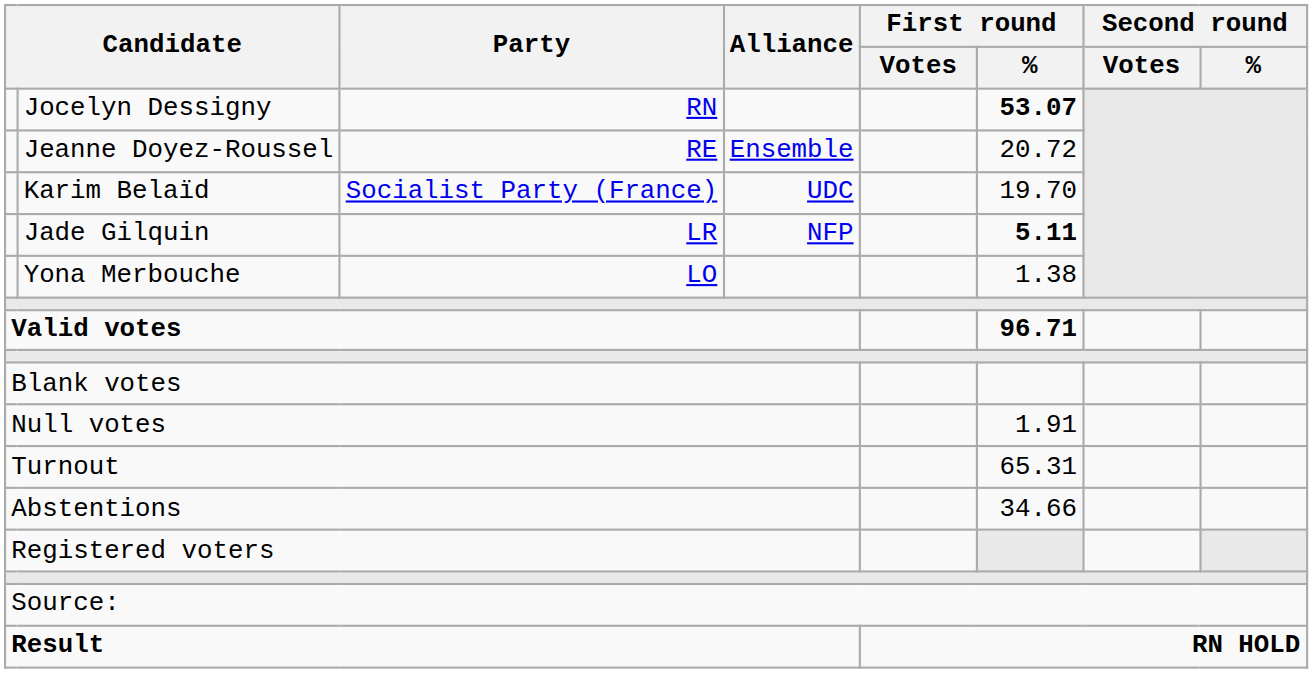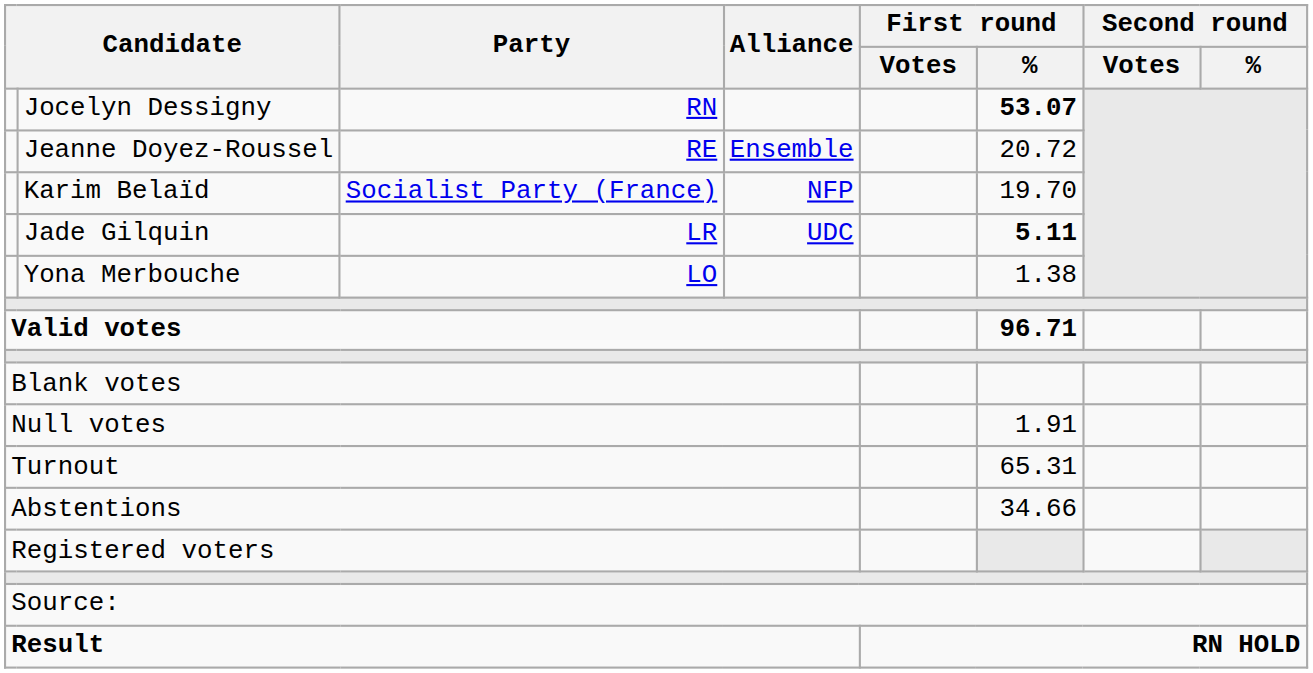 <table class="wikitable" style="text-align:right;font-size:95%;">
 <tr>
 <th colspan="2" rowspan="2">Candidate</th>
 <th colspan="1" rowspan="2">Party</th>
 <th colspan="1" rowspan="2">Alliance</th>
 <th colspan="2">First round</th>
 <th colspan="2">Second round</th>
 </tr>
 <tr>
 <th style="width:50px;">Votes</th>
 <th style="width:45px;">%</th>
 <th style="width:50px;">Votes</th>
 <th style="width:45px;">%</th>
 </tr>
 <tr>
 <td style="color:inherit;background:"></td>
 <td style="text-align:left;">Jocelyn Dessigny</td>
 <td><a href='#'>RN</a></td>
 <td></td>
 <td><strong></strong></td>
 <td><strong>53.07</strong></td>
 <td colspan="2" rowspan="5" style="background:#E9E9E9;"></td>
 </tr>
 <tr>
 <td style="color:inherit;background:"></td>
 <td style="text-align:left;">Jeanne Doyez-Roussel</td>
 <td><a href='#'>RE</a></td>
 <td><a href='#'>Ensemble</a></td>
 <td></td>
 <td>20.72</td>
 </tr>
 <tr>
 <td style="color:inherit;background:"></td>
 <td style="text-align:left;">Karim Belaïd</td>
 <td><a href='#'>Socialist Party (France)</a></td>
-<td><a href='#'>UDC</a></td>
+<td><a href='#'>NFP</a></td>
 <td></td>
 <td>19.70</td>
 </tr>
 <tr>
 <td style="color:inherit;background:"></td>
 <td style="text-align:left;">Jade Gilquin</td>
 <td><a href='#'>LR</a></td>
-<td><a href='#'>NFP</a></td>
+<td><a href='#'>UDC</a></td>
 <td></td>
 <td><strong>5.11</strong></td>
 </tr>
 <tr>
 <td style="color:inherit;background:"></td>
 <td style="text-align:left;">Yona Merbouche</td>
 <td><a href='#'>LO</a></td>
 <td></td>
 <td></td>
 <td>1.38</td>
 </tr>
 <tr>
 <td colspan="8" style="background:#E9E9E9;"></td>
 </tr>
 <tr style="font-weight:bold;">
 <td colspan="4" style="text-align:left;">Valid votes</td>
 <td></td>
 <td>96.71</td>
 <td></td>
 <td></td>
 </tr>
 <tr>
 <td colspan="8" style="background:#E9E9E9;"></td>
 </tr>
 <tr>
 <td colspan="4" style="text-align:left;">Blank votes</td>
 <td></td>
 <td></td>
 <td></td>
 <td></td>
 </tr>
 <tr>
 <td colspan="4" style="text-align:left;">Null votes</td>
 <td></td>
 <td>1.91</td>
 <td></td>
 <td></td>
 </tr>
 <tr>
 <td colspan="4" style="text-align:left;">Turnout</td>
 <td></td>
 <td>65.31</td>
 <td></td>
 <td></td>
 </tr>
 <tr>
 <td colspan="4" style="text-align:left;">Abstentions</td>
 <td></td>
 <td>34.66</td>
 <td></td>
 <td></td>
 </tr>
 <tr>
 <td colspan="4" style="text-align:left;">Registered voters</td>
 <td></td>
 <td style="background:#E9E9E9;"></td>
 <td></td>
 <td style="background:#E9E9E9;"></td>
 </tr>
 <tr>
 <td colspan="8" style="background:#E9E9E9;"></td>
 </tr>
 <tr>
 <td colspan="8" style="text-align:left;">Source: </td>
 </tr>
 <tr style="font-weight:bold">
 <td colspan="4" style="text-align:left;">Result</td>
 <td colspan="4" style="background-color:">RN HOLD</td>
 </tr>
 </table>
